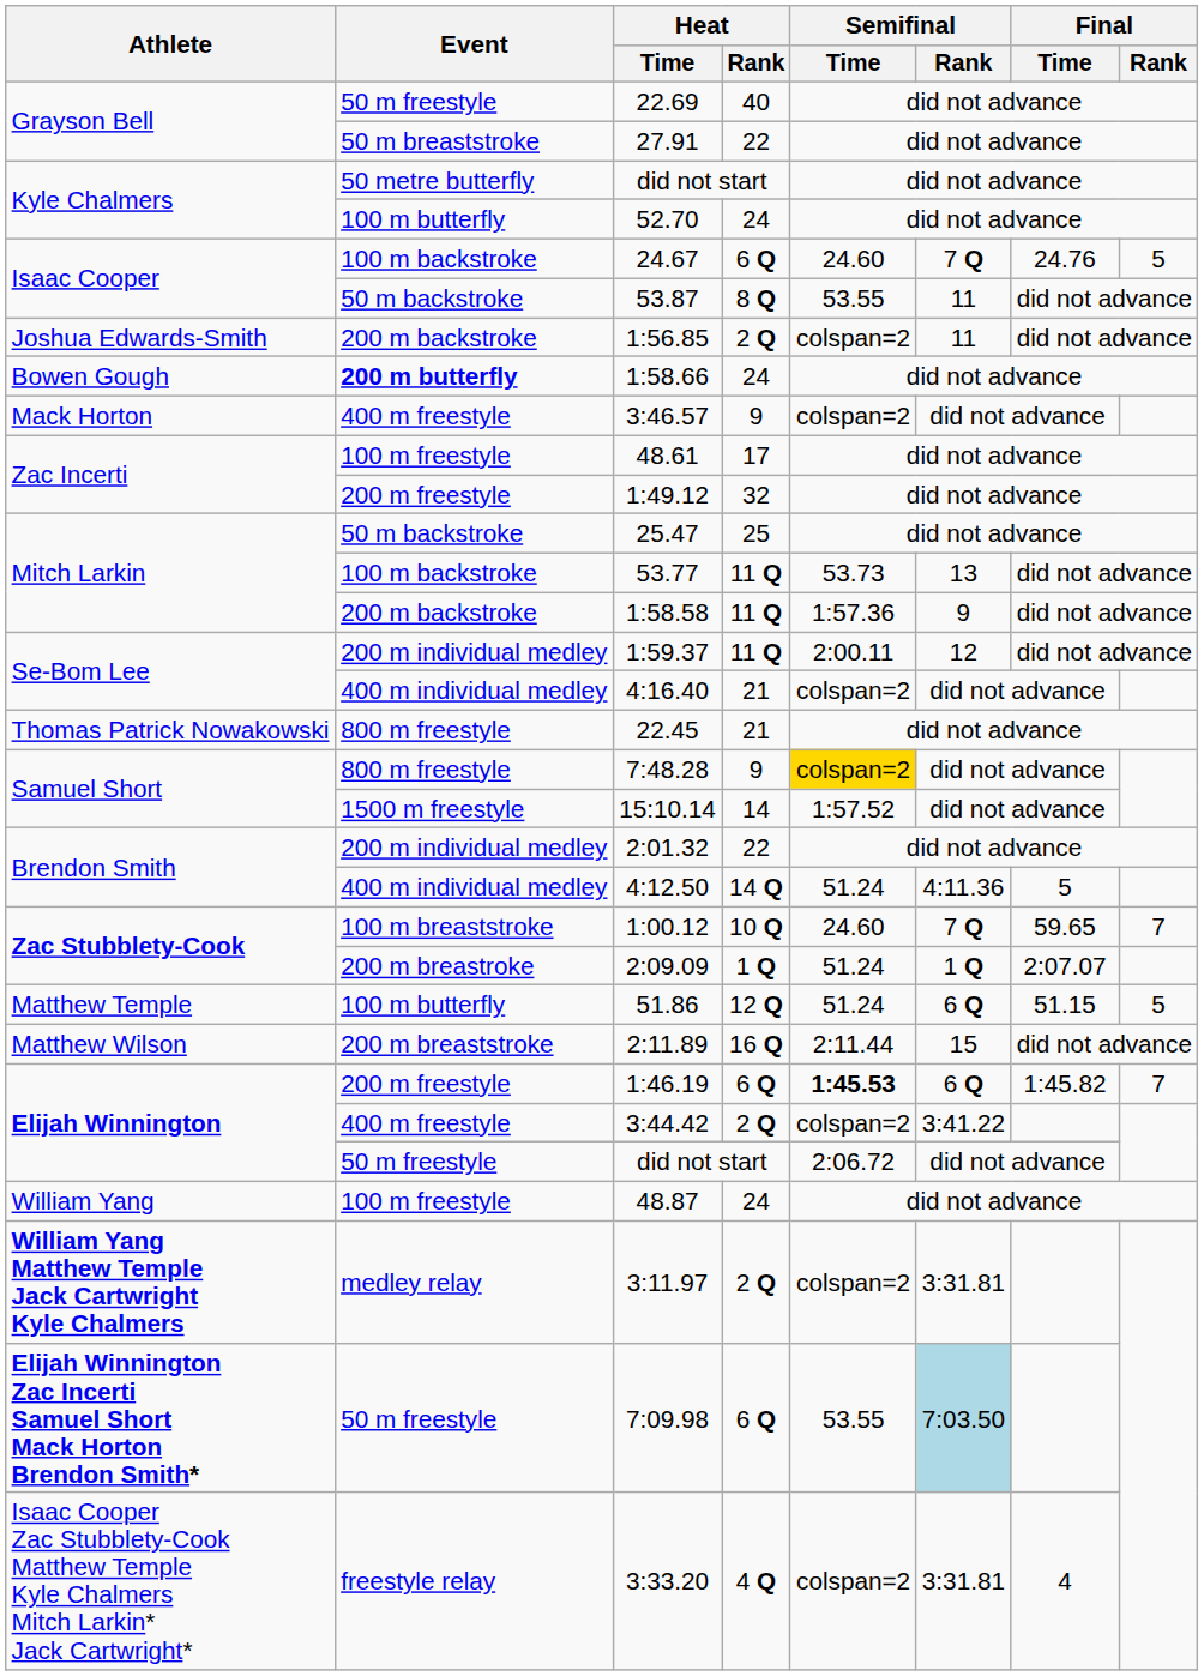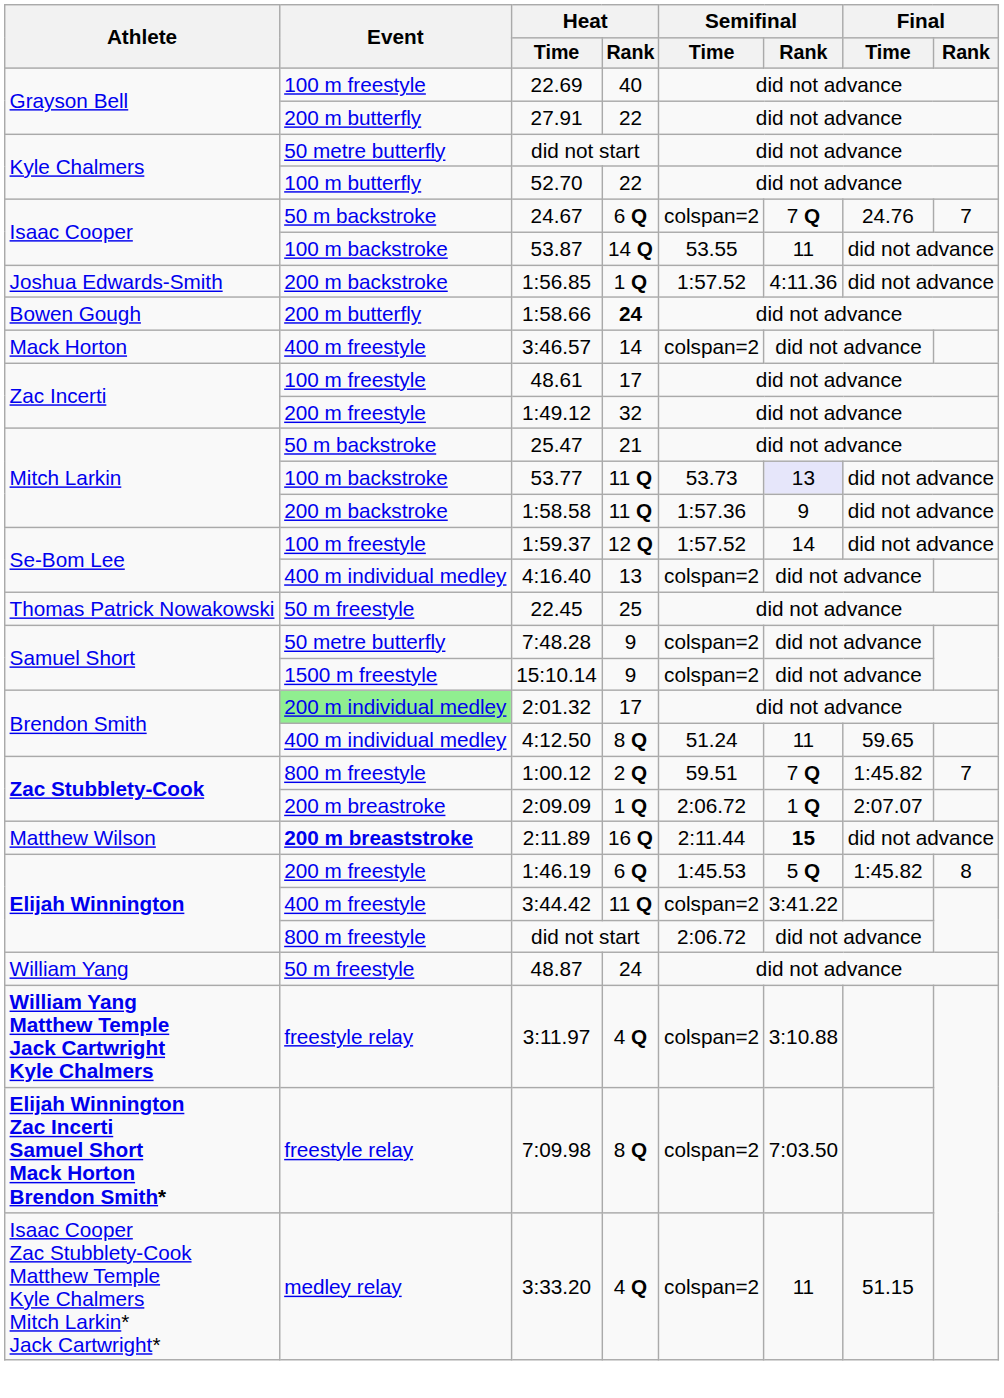 <table class="wikitable" style="text-align:center; font-size:90%">
 <tr>
 <th rowspan="2">Athlete</th>
 <th rowspan="2">Event</th>
 <th colspan="2">Heat</th>
 <th colspan="2">Semifinal</th>
 <th colspan="2">Final</th>
 </tr>
 <tr style="font-size:95%">
 <th>Time</th>
 <th>Rank</th>
 <th>Time</th>
 <th>Rank</th>
 <th>Time</th>
 <th>Rank</th>
 </tr>
 <tr>
 <td align=left rowspan=2><a href='#'>Grayson Bell</a></td>
-<td align=left><a href='#'>50 m freestyle</a></td>
+<td align=left><a href='#'>100 m freestyle</a></td>
 <td>22.69</td>
 <td>40</td>
 <td colspan="4">did not advance</td>
 </tr>
 <tr>
-<td align=left><a href='#'>50 m breaststroke</a></td>
+<td align=left><a href='#'>200 m butterfly</a></td>
 <td>27.91</td>
 <td>22</td>
 <td colspan="4">did not advance</td>
 </tr>
 <tr>
 <td align=left rowspan=2><a href='#'>Kyle Chalmers</a></td>
 <td align=left><a href='#'>50 metre butterfly</a></td>
 <td colspan=2>did not start</td>
 <td colspan=4>did not advance</td>
 </tr>
 <tr>
 <td align=left><a href='#'>100 m butterfly</a></td>
 <td>52.70</td>
-<td>24</td>
+<td>22</td>
 <td colspan=4>did not advance</td>
 </tr>
 <tr>
 <td align=left rowspan=2><a href='#'>Isaac Cooper</a></td>
-<td align=left><a href='#'>100 m backstroke</a></td>
+<td align=left><a href='#'>50 m backstroke</a></td>
 <td>24.67</td>
 <td>6 <strong>Q</strong></td>
-<td>24.60</td>
+<td>colspan=2 </td>
 <td>7 <strong>Q</strong></td>
 <td>24.76</td>
-<td>5</td>
+<td>7</td>
 </tr>
 <tr>
-<td align=left><a href='#'>50 m backstroke</a></td>
+<td align=left><a href='#'>100 m backstroke</a></td>
 <td>53.87</td>
-<td>8 <strong>Q</strong></td>
+<td>14 <strong>Q</strong></td>
 <td>53.55</td>
 <td>11</td>
 <td colspan=2>did not advance</td>
 </tr>
 <tr>
 <td align=left><a href='#'>Joshua Edwards-Smith</a></td>
 <td align=left><a href='#'>200 m backstroke</a></td>
 <td>1:56.85</td>
-<td>2 <strong>Q</strong></td>
-<td>colspan=2 </td>
-<td>11</td>
+<td>1 <strong>Q</strong></td>
+<td>1:57.52</td>
+<td>4:11.36</td>
 <td colspan=2>did not advance</td>
 </tr>
 <tr>
 <td align=left><a href='#'>Bowen Gough</a></td>
-<td align=left><strong><a href='#'>200 m butterfly</a></strong></td>
+<td align=left><a href='#'>200 m butterfly</a></td>
 <td>1:58.66</td>
-<td>24</td>
+<td><strong>24</strong></td>
 <td colspan=4>did not advance</td>
 </tr>
 <tr>
 <td align=left><a href='#'>Mack Horton</a></td>
 <td align=left><a href='#'>400 m freestyle</a></td>
 <td>3:46.57</td>
-<td>9</td>
+<td>14</td>
 <td>colspan=2 </td>
 <td colspan=2>did not advance</td>
 </tr>
 <tr>
 <td align=left rowspan=2><a href='#'>Zac Incerti</a></td>
 <td align=left><a href='#'>100 m freestyle</a></td>
 <td>48.61</td>
 <td>17</td>
 <td colspan=4>did not advance</td>
 </tr>
 <tr>
 <td align=left><a href='#'>200 m freestyle</a></td>
 <td>1:49.12</td>
 <td>32</td>
 <td colspan=4>did not advance</td>
 </tr>
 <tr>
 <td align=left rowspan=3><a href='#'>Mitch Larkin</a></td>
 <td align=left><a href='#'>50 m backstroke</a></td>
 <td>25.47</td>
-<td>25</td>
+<td>21</td>
 <td colspan="4">did not advance</td>
 </tr>
 <tr>
 <td align=left><a href='#'>100 m backstroke</a></td>
 <td>53.77</td>
 <td>11 <strong>Q</strong></td>
 <td>53.73</td>
-<td>13</td>
+<td style="background: lavender;">13</td>
 <td colspan=2>did not advance</td>
 </tr>
 <tr>
 <td align=left><a href='#'>200 m backstroke</a></td>
 <td>1:58.58</td>
 <td>11 <strong>Q</strong></td>
 <td>1:57.36</td>
 <td>9</td>
 <td colspan=2>did not advance</td>
 </tr>
 <tr>
 <td align=left rowspan=2><a href='#'>Se-Bom Lee</a></td>
-<td align=left><a href='#'>200 m individual medley</a></td>
+<td align=left><a href='#'>100 m freestyle</a></td>
 <td>1:59.37</td>
-<td>11 <strong>Q</strong></td>
-<td>2:00.11</td>
-<td>12</td>
+<td>12 <strong>Q</strong></td>
+<td>1:57.52</td>
+<td>14</td>
 <td colspan=2>did not advance</td>
 </tr>
 <tr>
 <td align=left><a href='#'>400 m individual medley</a></td>
 <td>4:16.40</td>
-<td>21</td>
+<td>13</td>
 <td>colspan=2 </td>
 <td colspan=2>did not advance</td>
 </tr>
 <tr>
 <td align=left><a href='#'>Thomas Patrick Nowakowski</a></td>
-<td align=left><a href='#'>800 m freestyle</a></td>
+<td align=left><a href='#'>50 m freestyle</a></td>
 <td>22.45</td>
-<td>21</td>
+<td>25</td>
 <td colspan=4>did not advance</td>
 </tr>
 <tr>
 <td align=left rowspan=2><a href='#'>Samuel Short</a></td>
-<td align=left><a href='#'>800 m freestyle</a></td>
+<td align=left><a href='#'>50 metre butterfly</a></td>
 <td>7:48.28</td>
 <td>9</td>
-<td style="background: gold;">colspan=2 </td>
+<td>colspan=2 </td>
 <td colspan=2>did not advance</td>
 </tr>
 <tr>
 <td align=left><a href='#'>1500 m freestyle</a></td>
 <td>15:10.14</td>
-<td>14</td>
-<td>1:57.52</td>
+<td>9</td>
+<td>colspan=2 </td>
 <td colspan="2">did not advance</td>
 </tr>
 <tr>
 <td align=left rowspan=2><a href='#'>Brendon Smith</a></td>
-<td align=left><a href='#'>200 m individual medley</a></td>
+<td align=left style="background: lightgreen;"><a href='#'>200 m individual medley</a></td>
 <td>2:01.32</td>
-<td>22</td>
+<td>17</td>
 <td colspan=4>did not advance</td>
 </tr>
 <tr>
 <td align=left><a href='#'>400 m individual medley</a></td>
 <td>4:12.50</td>
-<td>14 <strong>Q</strong></td>
+<td>8 <strong>Q</strong></td>
 <td>51.24</td>
-<td>4:11.36</td>
-<td>5</td>
+<td>11</td>
+<td>59.65</td>
 </tr>
 <tr>
 <td align=left rowspan=2><strong><a href='#'>Zac Stubblety-Cook</a></strong></td>
-<td align=left><a href='#'>100 m breaststroke</a></td>
+<td align=left><a href='#'>800 m freestyle</a></td>
 <td>1:00.12</td>
-<td>10 <strong>Q</strong></td>
-<td>24.60</td>
+<td>2 <strong>Q</strong></td>
+<td>59.51</td>
 <td>7 <strong>Q</strong></td>
-<td>59.65</td>
+<td>1:45.82</td>
 <td>7</td>
 </tr>
 <tr>
 <td align=left><a href='#'>200 m breastroke</a></td>
 <td>2:09.09</td>
 <td>1 <strong>Q</strong></td>
-<td>51.24</td>
+<td>2:06.72</td>
 <td>1 <strong>Q</strong></td>
 <td>2:07.07</td>
 <td></td>
 </tr>
 <tr>
-<td align=left><a href='#'>Matthew Temple</a></td>
-<td align=left><a href='#'>100 m butterfly</a></td>
-<td>51.86</td>
-<td>12 <strong>Q</strong></td>
-<td>51.24</td>
-<td>6 <strong>Q</strong></td>
-<td>51.15</td>
-<td>5</td>
-</tr>
-<tr>
 <td align=left><a href='#'>Matthew Wilson</a></td>
-<td align=left><a href='#'>200 m breaststroke</a></td>
+<td align=left><strong><a href='#'>200 m breaststroke</a></strong></td>
 <td>2:11.89</td>
 <td>16 <strong>Q</strong></td>
 <td>2:11.44</td>
-<td>15</td>
+<td><strong>15</strong></td>
 <td colspan=2>did not advance</td>
 </tr>
 <tr>
 <td align=left rowspan=3><strong><a href='#'>Elijah Winnington</a></strong></td>
 <td align=left><a href='#'>200 m freestyle</a></td>
 <td>1:46.19</td>
 <td>6 <strong>Q</strong></td>
-<td><strong>1:45.53</strong></td>
-<td>6 <strong>Q</strong></td>
+<td>1:45.53</td>
+<td>5 <strong>Q</strong></td>
 <td>1:45.82</td>
-<td>7</td>
+<td>8</td>
 </tr>
 <tr>
 <td align=left><a href='#'>400 m freestyle</a></td>
 <td>3:44.42</td>
-<td>2 <strong>Q</strong></td>
+<td>11 <strong>Q</strong></td>
 <td>colspan=2 </td>
 <td>3:41.22</td>
 <td></td>
 </tr>
 <tr>
-<td align=left><a href='#'>50 m freestyle</a></td>
+<td align=left><a href='#'>800 m freestyle</a></td>
 <td colspan=2>did not start</td>
 <td>2:06.72</td>
 <td colspan=2>did not advance</td>
 </tr>
 <tr>
 <td align=left><a href='#'>William Yang</a></td>
-<td align=left><a href='#'>100 m freestyle</a></td>
+<td align=left><a href='#'>50 m freestyle</a></td>
 <td>48.87</td>
 <td>24</td>
 <td colspan=4>did not advance</td>
 </tr>
 <tr>
 <td align=left><strong><a href='#'>William Yang</a><br><a href='#'>Matthew Temple</a><br><a href='#'>Jack Cartwright</a><br><a href='#'>Kyle Chalmers</a></strong></td>
-<td align=left><a href='#'> medley relay</a></td>
+<td align=left><a href='#'> freestyle relay</a></td>
 <td>3:11.97</td>
-<td>2 <strong>Q</strong></td>
+<td>4 <strong>Q</strong></td>
 <td>colspan=2 </td>
-<td>3:31.81</td>
+<td>3:10.88</td>
 <td></td>
 </tr>
 <tr>
 <td align=left><strong><a href='#'>Elijah Winnington</a><br><a href='#'>Zac Incerti</a><br><a href='#'>Samuel Short</a><br><a href='#'>Mack Horton</a><br><a href='#'>Brendon Smith</a>*</strong></td>
-<td align=left><a href='#'>50 m freestyle</a></td>
+<td align=left><a href='#'> freestyle relay</a></td>
 <td>7:09.98</td>
-<td>6 <strong>Q</strong></td>
-<td>53.55</td>
-<td style="background: lightblue;">7:03.50</td>
+<td>8 <strong>Q</strong></td>
+<td>colspan=2 </td>
+<td>7:03.50</td>
 <td></td>
 </tr>
 <tr>
 <td align=left><a href='#'>Isaac Cooper</a><br><a href='#'>Zac Stubblety-Cook</a><br><a href='#'>Matthew Temple</a><br><a href='#'>Kyle Chalmers</a><br><a href='#'>Mitch Larkin</a>*<br><a href='#'>Jack Cartwright</a>*</td>
-<td align=left><a href='#'> freestyle relay</a></td>
+<td align=left><a href='#'> medley relay</a></td>
 <td>3:33.20</td>
 <td>4 <strong>Q</strong></td>
 <td>colspan=2 </td>
-<td>3:31.81</td>
-<td>4</td>
+<td>11</td>
+<td>51.15</td>
 </tr>
 </table>
